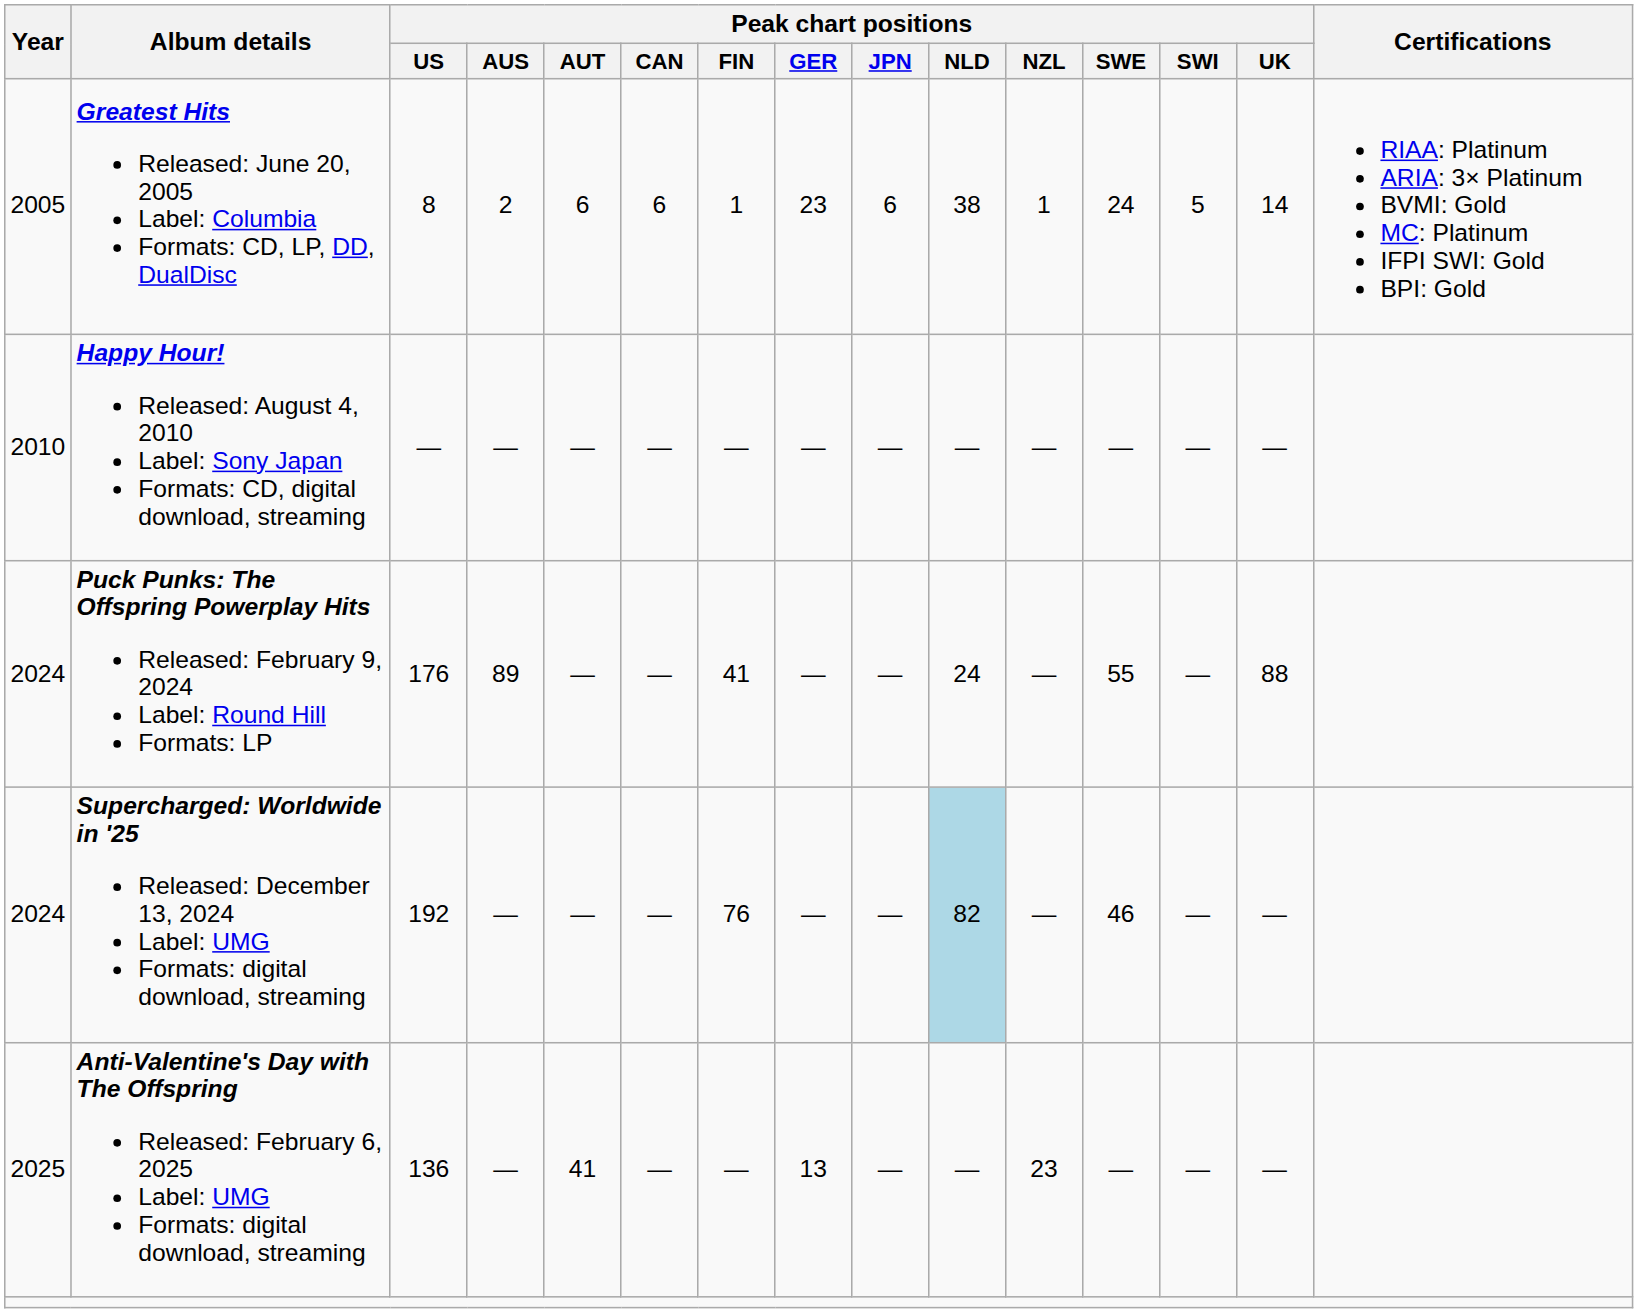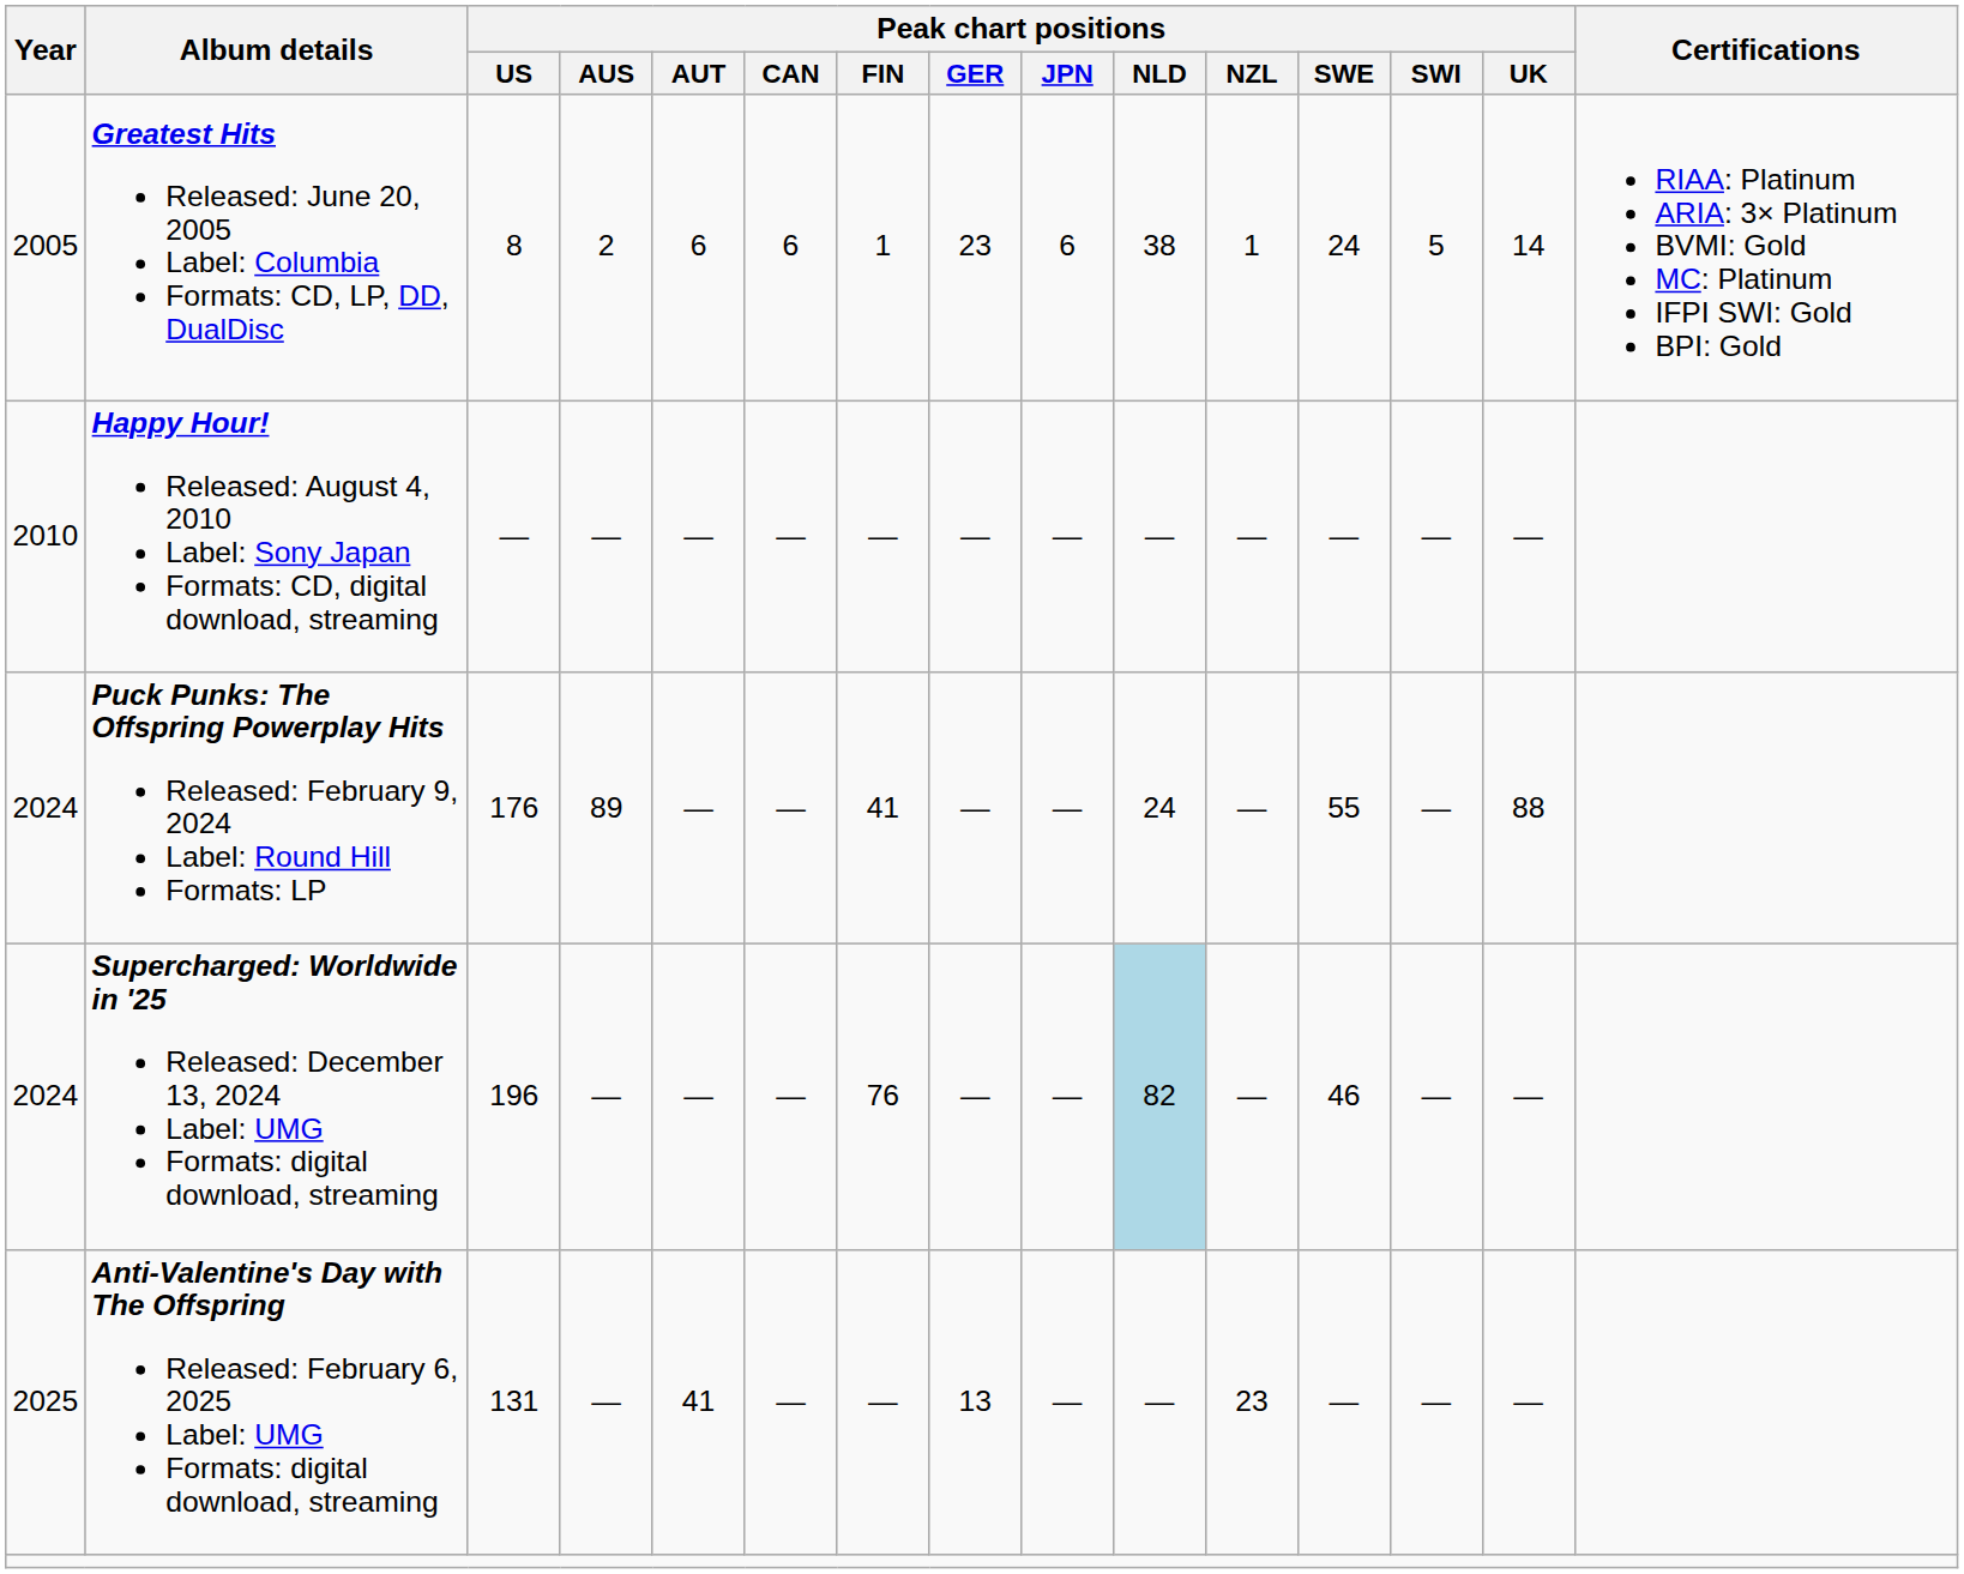 <table class="wikitable">
 <tr>
 <th rowspan="2" style="width:33px;">Year</th>
 <th rowspan="2" style="width:200px;">Album details</th>
 <th colspan="12">Peak chart positions</th>
 <th rowspan="2" style="width:200px;">Certifications</th>
 </tr>
 <tr>
 <th style="width:3em;font-size:90%">US<br></th>
 <th style="width:3em;font-size:90%">AUS<br></th>
 <th style="width:3em;font-size:90%">AUT<br></th>
 <th style="width:3em;font-size:90%">CAN<br></th>
 <th style="width:3em;font-size:90%">FIN<br></th>
 <th style="width:3em;font-size:90%"><a href='#'>GER</a><br></th>
 <th style="width:3em;font-size:90%"><a href='#'>JPN</a><br></th>
 <th style="width:3em;font-size:90%">NLD<br></th>
 <th style="width:3em;font-size:90%">NZL<br></th>
 <th style="width:3em;font-size:90%">SWE<br></th>
 <th style="width:3em;font-size:90%">SWI<br></th>
 <th style="width:3em;font-size:90%">UK<br></th>
 </tr>
 <tr>
 <td>2005</td>
 <td><strong><em><a href='#'>Greatest Hits</a></em></strong><br><ul><li>Released: June 20, 2005</li><li>Label: <a href='#'>Columbia</a></li><li>Formats: CD, LP, <a href='#'>DD</a>, <a href='#'>DualDisc</a></li></ul></td>
 <td style="text-align:center;">8</td>
 <td style="text-align:center;">2</td>
 <td style="text-align:center;">6</td>
 <td style="text-align:center;">6</td>
 <td style="text-align:center;">1</td>
 <td style="text-align:center;">23</td>
 <td style="text-align:center;">6</td>
 <td style="text-align:center;">38</td>
 <td style="text-align:center;">1</td>
 <td style="text-align:center;">24</td>
 <td style="text-align:center;">5</td>
 <td style="text-align:center;">14</td>
 <td><br><ul><li><a href='#'>RIAA</a>: Platinum</li><li><a href='#'>ARIA</a>: 3× Platinum</li><li>BVMI: Gold</li><li><a href='#'>MC</a>: Platinum</li><li>IFPI SWI: Gold</li><li>BPI: Gold</li></ul></td>
 </tr>
 <tr>
 <td>2010</td>
 <td><strong><em><a href='#'>Happy Hour!</a></em></strong><br><ul><li>Released: August 4, 2010</li><li>Label: <a href='#'>Sony Japan</a></li><li>Formats: CD, digital download, streaming</li></ul></td>
 <td style="text-align:center;">—</td>
 <td style="text-align:center;">—</td>
 <td style="text-align:center;">—</td>
 <td style="text-align:center;">—</td>
 <td style="text-align:center;">—</td>
 <td style="text-align:center;">—</td>
 <td style="text-align:center;">—</td>
 <td style="text-align:center;">—</td>
 <td style="text-align:center;">—</td>
 <td style="text-align:center;">—</td>
 <td style="text-align:center;">—</td>
 <td style="text-align:center;">—</td>
 <td></td>
 </tr>
 <tr>
 <td>2024</td>
 <td><strong><em>Puck Punks: The Offspring Powerplay Hits</em></strong><br><ul><li>Released: February 9, 2024</li><li>Label: <a href='#'>Round Hill</a></li><li>Formats: LP</li></ul></td>
 <td style="text-align:center;">176</td>
 <td style="text-align:center;">89</td>
 <td style="text-align:center;">—</td>
 <td style="text-align:center;">—</td>
 <td style="text-align:center;">41</td>
 <td style="text-align:center;">—</td>
 <td style="text-align:center;">—</td>
 <td style="text-align:center;">24</td>
 <td style="text-align:center;">—</td>
 <td style="text-align:center;">55</td>
 <td style="text-align:center;">—</td>
 <td style="text-align:center;">88</td>
 <td></td>
 </tr>
 <tr>
 <td>2024</td>
 <td><strong><em>Supercharged: Worldwide in '25</em></strong><br><ul><li>Released: December 13, 2024</li><li>Label: <a href='#'>UMG</a></li><li>Formats: digital download, streaming</li></ul></td>
-<td style="text-align:center;">192</td>
+<td style="text-align:center;">196</td>
 <td style="text-align:center;">—</td>
 <td style="text-align:center;">—</td>
 <td style="text-align:center;">—</td>
 <td style="text-align:center;">76</td>
 <td style="text-align:center;">—</td>
 <td style="text-align:center;">—</td>
 <td style="background: lightblue; text-align:center;">82</td>
 <td style="text-align:center;">—</td>
 <td style="text-align:center;">46</td>
 <td style="text-align:center;">—</td>
 <td style="text-align:center;">—</td>
 <td></td>
 </tr>
 <tr>
 <td>2025</td>
 <td><strong><em>Anti-Valentine's Day with The Offspring</em></strong><br><ul><li>Released: February 6, 2025</li><li>Label: <a href='#'>UMG</a></li><li>Formats: digital download, streaming</li></ul></td>
-<td style="text-align:center;">136</td>
+<td style="text-align:center;">131</td>
 <td style="text-align:center;">—</td>
 <td style="text-align:center;">41</td>
 <td style="text-align:center;">—</td>
 <td style="text-align:center;">—</td>
 <td style="text-align:center;">13</td>
 <td style="text-align:center;">—</td>
 <td style="text-align:center;">—</td>
 <td style="text-align:center;">23</td>
 <td style="text-align:center;">—</td>
 <td style="text-align:center;">—</td>
 <td style="text-align:center;">—</td>
 <td></td>
 </tr>
 <tr>
 <td colspan="15" style="text-align:center;"></td>
 </tr>
 </table>
